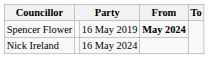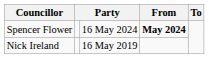 <table class=wikitable>
 <tr>
 <th>Councillor</th>
 <th colspan=2>Party</th>
 <th>From</th>
 <th>To</th>
 </tr>
 <tr>
 <td>Spencer Flower</td>
 <td></td>
-<td align=right>16 May 2019</td>
+<td align=right>16 May 2024</td>
 <td align=right><strong>May 2024</strong></td>
 </tr>
 <tr>
 <td>Nick Ireland</td>
 <td></td>
-<td align=right>16 May 2024</td>
+<td align=right>16 May 2019</td>
 <td align=right></td>
 </tr>
 </table>
